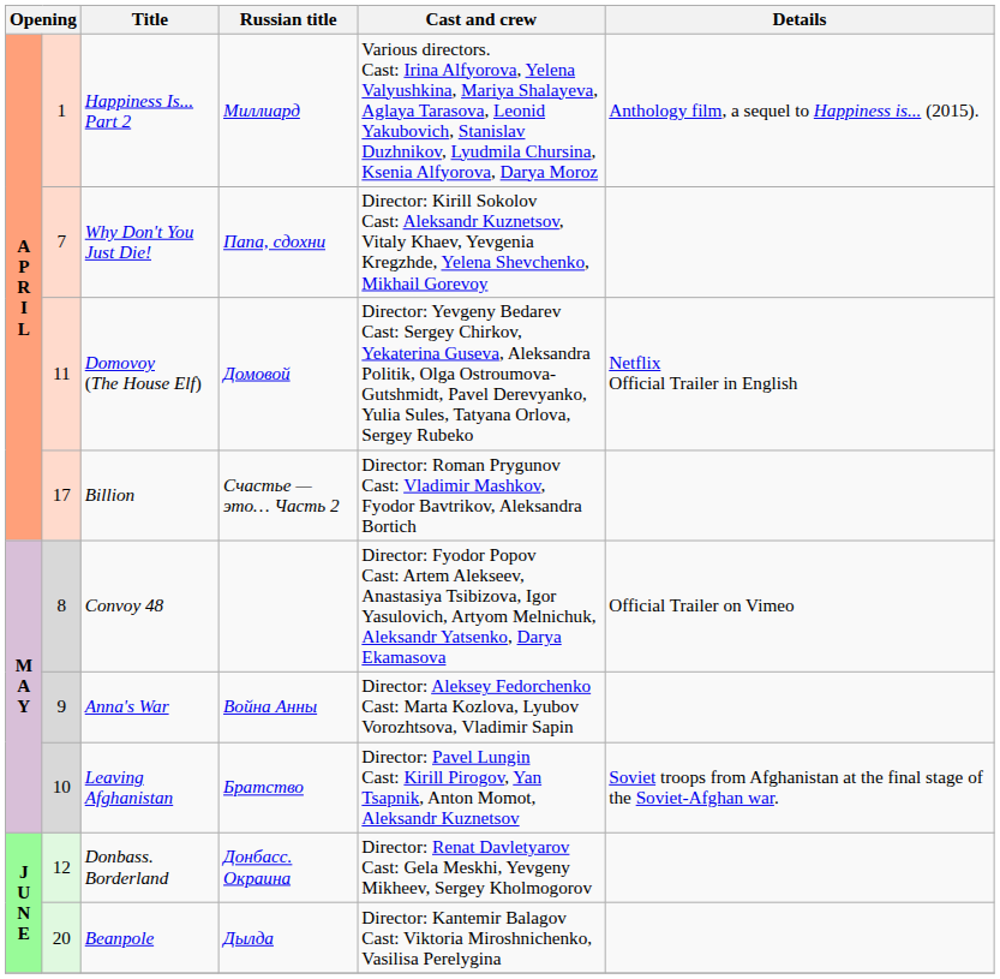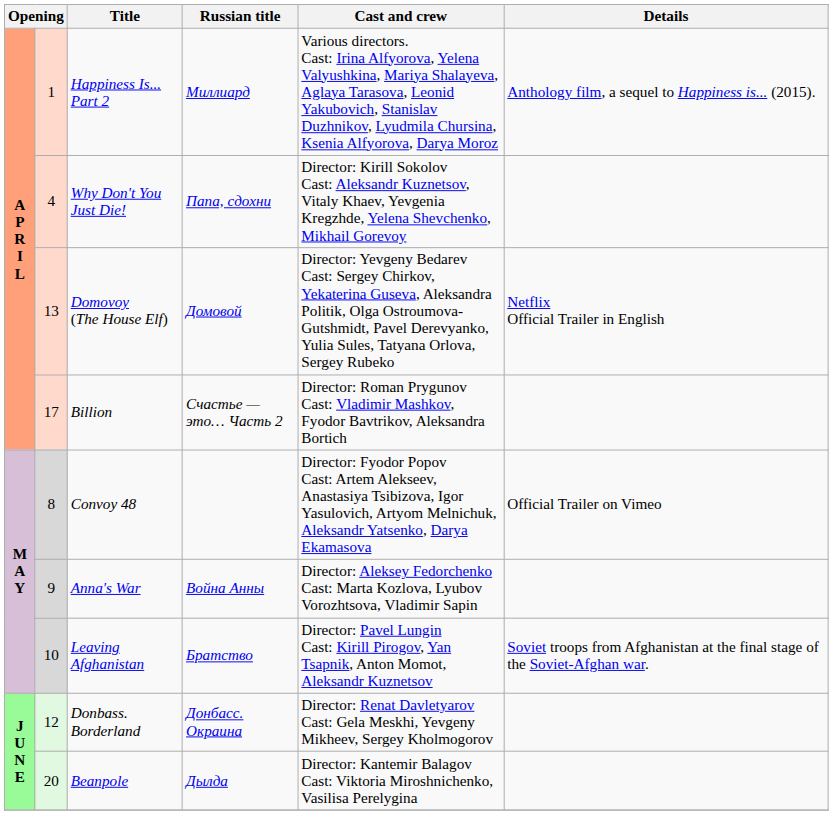 <table class="wikitable">
 <tr>
 <th colspan="2">Opening</th>
 <th style="width:14%;">Title</th>
 <th style="width:14%;">Russian title</th>
 <th style="width:25%;">Cast and crew</th>
 <th>Details</th>
 </tr>
 <tr>
 <th rowspan="4" align="center" style="background:#ffa07a; textcolor:#000;">A<br>P<br>R<br>I<br>L</th>
 <td align="center" style="background:#ffdacc;">1</td>
 <td><em><a href='#'>Happiness Is... Part 2</a></em></td>
 <td><em><a href='#'>Миллиард</a></em></td>
 <td>Various directors. <br> Cast: <a href='#'>Irina Alfyorova</a>, <a href='#'>Yelena Valyushkina</a>, <a href='#'>Mariya Shalayeva</a>, <a href='#'>Aglaya Tarasova</a>, <a href='#'>Leonid Yakubovich</a>, <a href='#'>Stanislav Duzhnikov</a>, <a href='#'>Lyudmila Chursina</a>, <a href='#'>Ksenia Alfyorova</a>, <a href='#'>Darya Moroz</a></td>
 <td><a href='#'>Anthology film</a>, a sequel to  <em><a href='#'>Happiness is...</a></em> (2015).</td>
 </tr>
 <tr>
-<td align="center" style="background:#ffdacc;">7</td>
+<td align="center" style="background:#ffdacc;">4</td>
 <td><em><a href='#'>Why Don't You Just Die!</a></em></td>
 <td><em><a href='#'>Папа, сдохни</a></em></td>
 <td>Director: Kirill Sokolov <br> Cast: <a href='#'>Aleksandr Kuznetsov</a>, Vitaly Khaev, Yevgenia Kregzhde, <a href='#'>Yelena Shevchenko</a>, <a href='#'>Mikhail Gorevoy</a></td>
 <td></td>
 </tr>
 <tr>
-<td align="center" style="background:#ffdacc;">11</td>
+<td align="center" style="background:#ffdacc;">13</td>
 <td><em><a href='#'>Domovoy</a></em> <br> (<em>The House Elf</em>)</td>
 <td><em><a href='#'>Домовой</a></em></td>
 <td>Director: Yevgeny Bedarev <br> Cast: Sergey Chirkov, <a href='#'>Yekaterina Guseva</a>, Aleksandra Politik, Olga Ostroumova-Gutshmidt, Pavel Derevyanko, Yulia Sules, Tatyana Orlova, Sergey Rubeko</td>
 <td><a href='#'>Netflix</a> <br> Official Trailer in English</td>
 </tr>
 <tr>
 <td align="center" style="background:#ffdacc;">17</td>
 <td><em>Billion</em></td>
 <td><em>Счастье — это… Часть 2</em></td>
 <td>Director: Roman Prygunov <br> Cast: <a href='#'>Vladimir Mashkov</a>, Fyodor Bavtrikov, Aleksandra Bortich</td>
 <td></td>
 </tr>
 <tr>
 <th rowspan="3" align="center" style="background:thistle; textcolor:#000;">M<br>A<br>Y</th>
 <td align="center" style="background:#d8d8d8;">8</td>
 <td><em>Convoy 48</em></td>
 <td><em> </em></td>
 <td>Director: Fyodor Popov <br> Cast: Artem Alekseev, Anastasiya Tsibizova, Igor Yasulovich, Artyom Melnichuk, <a href='#'>Aleksandr Yatsenko</a>, <a href='#'>Darya Ekamasova</a></td>
 <td>Official Trailer on Vimeo</td>
 </tr>
 <tr>
 <td align="center" style="background:#d8d8d8;">9</td>
 <td><em><a href='#'>Anna's War</a></em></td>
 <td><em><a href='#'>Война Анны</a></em></td>
 <td>Director: <a href='#'>Aleksey Fedorchenko</a> <br> Cast: Marta Kozlova, Lyubov Vorozhtsova, Vladimir Sapin</td>
 <td></td>
 </tr>
 <tr>
 <td align="center" style="background:#d8d8d8;">10</td>
 <td><em><a href='#'>Leaving Afghanistan</a></em></td>
 <td><em><a href='#'>Братство</a></em></td>
 <td>Director: <a href='#'>Pavel Lungin</a> <br> Cast: <a href='#'>Kirill Pirogov</a>, <a href='#'>Yan Tsapnik</a>, Anton Momot, <a href='#'>Aleksandr Kuznetsov</a></td>
 <td><a href='#'>Soviet</a> troops from Afghanistan at the final stage of the <a href='#'>Soviet-Afghan war</a>.</td>
 </tr>
 <tr>
 <th rowspan="2" style="text-align:center; background:#98fb98; textcolor:#000;">J<br>U<br>N<br>E</th>
 <td style="text-align:center; background:#e0f9e0;">12</td>
 <td><em>Donbass. Borderland</em></td>
 <td><em><a href='#'>Донбасс. Окраина</a></em></td>
 <td>Director: <a href='#'>Renat Davletyarov</a> <br> Cast: Gela Meskhi, Yevgeny Mikheev, Sergey Kholmogorov</td>
 <td></td>
 </tr>
 <tr>
 <td style="text-align:center; background:#e0f9e0;">20</td>
 <td><em><a href='#'>Beanpole</a></em></td>
 <td><em><a href='#'>Дылда</a></em></td>
 <td>Director: Kantemir Balagov <br> Cast: Viktoria Miroshnichenko, Vasilisa Perelygina</td>
 <td></td>
 </tr>
 <tr>
 </tr>
 </table>
